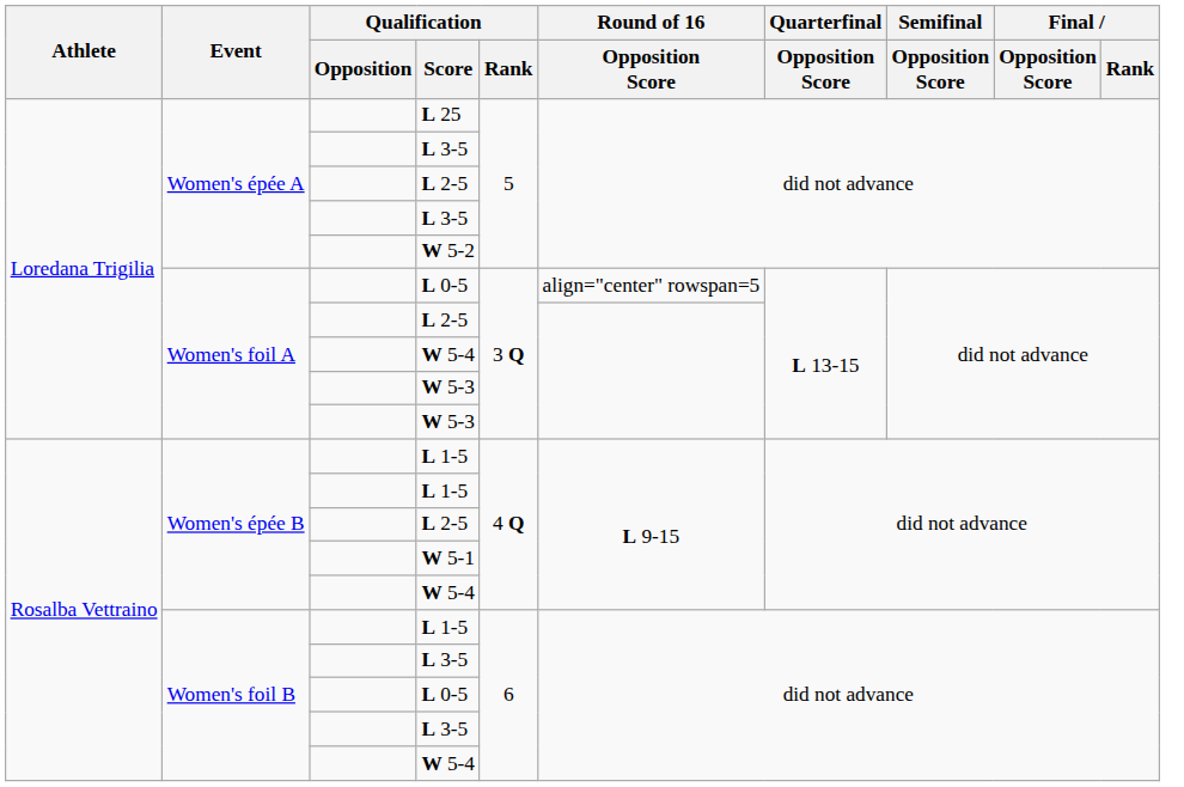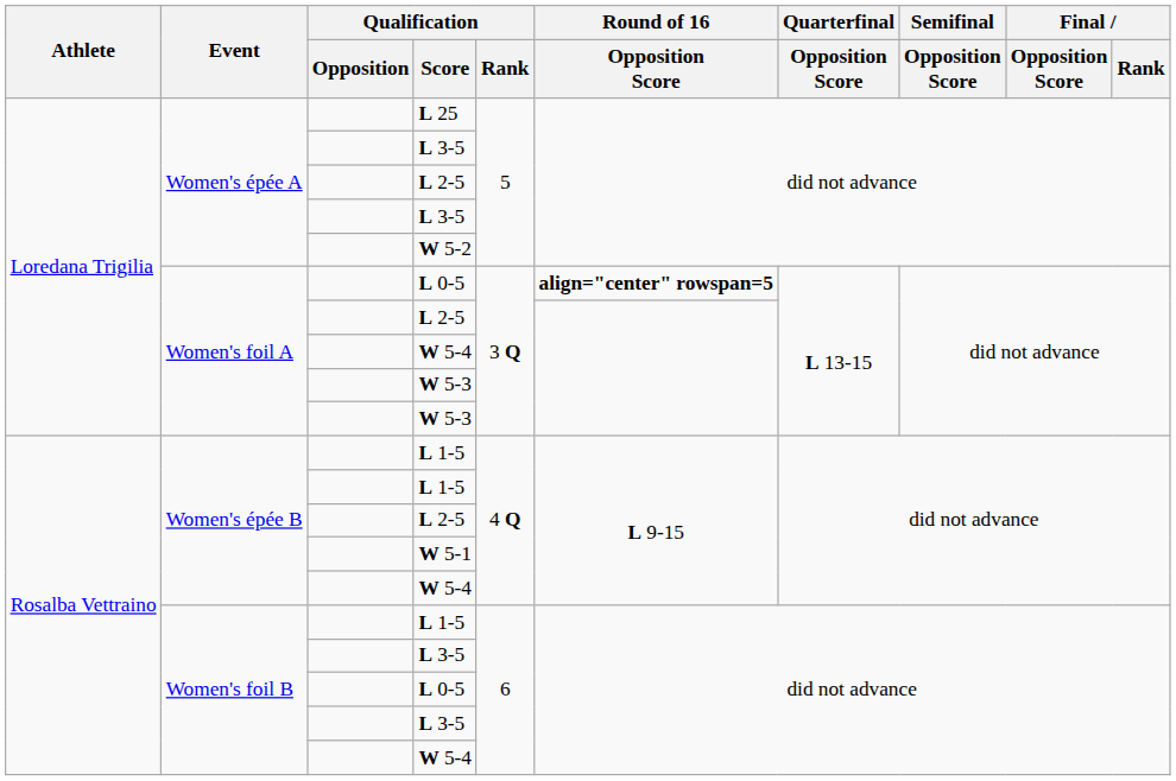 <table class=wikitable style="font-size:90%">
 <tr>
 <th rowspan="2">Athlete</th>
 <th rowspan="2">Event</th>
 <th colspan="3">Qualification</th>
 <th>Round of 16</th>
 <th>Quarterfinal</th>
 <th>Semifinal</th>
 <th colspan="2">Final / </th>
 </tr>
 <tr>
 <th>Opposition</th>
 <th>Score</th>
 <th>Rank</th>
 <th>Opposition<br>Score</th>
 <th>Opposition<br>Score</th>
 <th>Opposition<br>Score</th>
 <th>Opposition<br>Score</th>
 <th>Rank</th>
 </tr>
 <tr>
 <td rowspan=10><a href='#'>Loredana Trigilia</a></td>
 <td rowspan=5><a href='#'>Women's épée A</a></td>
 <td></td>
 <td><strong>L</strong> 25</td>
 <td align="center" rowspan=5>5</td>
 <td align="center" rowspan=5 colspan=5>did not advance</td>
 </tr>
 <tr>
 <td></td>
 <td><strong>L</strong> 3-5</td>
 </tr>
 <tr>
 <td></td>
 <td><strong>L</strong> 2-5</td>
 </tr>
 <tr>
 <td></td>
 <td><strong>L</strong> 3-5</td>
 </tr>
 <tr>
 <td></td>
 <td><strong>W</strong> 5-2</td>
 </tr>
 <tr>
 <td rowspan=5><a href='#'>Women's foil A</a></td>
 <td></td>
 <td><strong>L</strong> 0-5</td>
 <td align="center" rowspan=5>3 <strong>Q</strong></td>
-<td>align="center" rowspan=5 </td>
+<td><strong>align="center" rowspan=5 </strong></td>
 <td align="center" rowspan=5><br><strong>L</strong> 13-15</td>
 <td align="center" rowspan=5 colspan=3>did not advance</td>
 </tr>
 <tr>
 <td></td>
 <td><strong>L</strong> 2-5</td>
 </tr>
 <tr>
 <td></td>
 <td><strong>W</strong> 5-4</td>
 </tr>
 <tr>
 <td></td>
 <td><strong>W</strong> 5-3</td>
 </tr>
 <tr>
 <td></td>
 <td><strong>W</strong> 5-3</td>
 </tr>
 <tr>
 <td rowspan=10><a href='#'>Rosalba Vettraino</a></td>
 <td rowspan=5><a href='#'>Women's épée B</a></td>
 <td></td>
 <td><strong>L</strong> 1-5</td>
 <td align="center" rowspan=5>4 <strong>Q</strong></td>
 <td align="center" rowspan=5><br><strong>L</strong> 9-15</td>
 <td align="center" rowspan=5 colspan=5>did not advance</td>
 </tr>
 <tr>
 <td></td>
 <td><strong>L</strong> 1-5</td>
 </tr>
 <tr>
 <td></td>
 <td><strong>L</strong> 2-5</td>
 </tr>
 <tr>
 <td></td>
 <td><strong>W</strong> 5-1</td>
 </tr>
 <tr>
 <td></td>
 <td><strong>W</strong> 5-4</td>
 </tr>
 <tr>
 <td rowspan=5><a href='#'>Women's foil B</a></td>
 <td></td>
 <td><strong>L</strong> 1-5</td>
 <td align="center" rowspan=5>6</td>
 <td align="center" rowspan=5 colspan=5>did not advance</td>
 </tr>
 <tr>
 <td></td>
 <td><strong>L</strong> 3-5</td>
 </tr>
 <tr>
 <td></td>
 <td><strong>L</strong> 0-5</td>
 </tr>
 <tr>
 <td></td>
 <td><strong>L</strong> 3-5</td>
 </tr>
 <tr>
 <td></td>
 <td><strong>W</strong> 5-4</td>
 </tr>
 </table>
